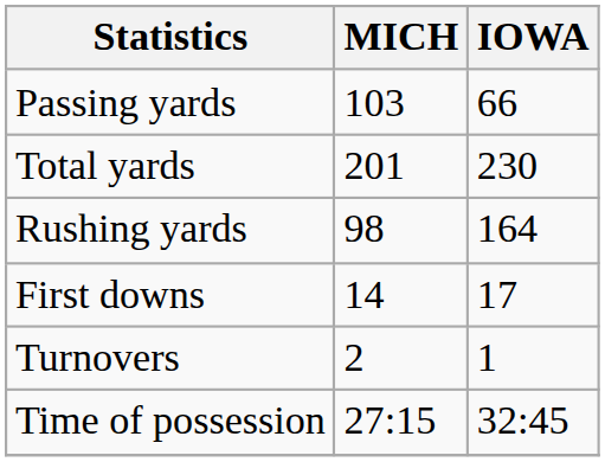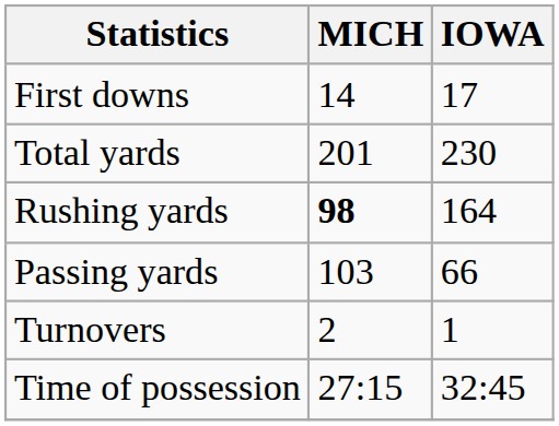 <table class="wikitable">
 <tr>
 <th>Statistics</th>
 <th>MICH</th>
 <th>IOWA</th>
 </tr>
 <tr>
-<td>Passing yards</td>
-<td>103</td>
-<td>66</td>
+<td>First downs</td>
+<td>14</td>
+<td>17</td>
 </tr>
 <tr>
 <td>Total yards</td>
 <td>201</td>
 <td>230</td>
 </tr>
 <tr>
 <td>Rushing yards</td>
-<td>98</td>
+<td><strong>98</strong></td>
 <td>164</td>
 </tr>
 <tr>
-<td>First downs</td>
-<td>14</td>
-<td>17</td>
+<td>Passing yards</td>
+<td>103</td>
+<td>66</td>
 </tr>
 <tr>
 <td>Turnovers</td>
 <td>2</td>
 <td>1</td>
 </tr>
 <tr>
 <td>Time of possession</td>
 <td>27:15</td>
 <td>32:45</td>
 </tr>
 <tr>
 </tr>
 </table>
